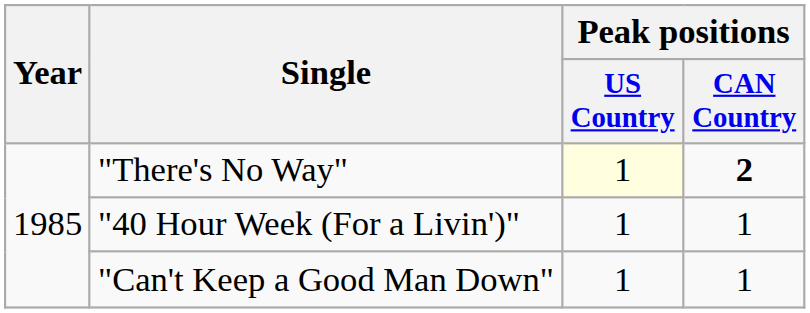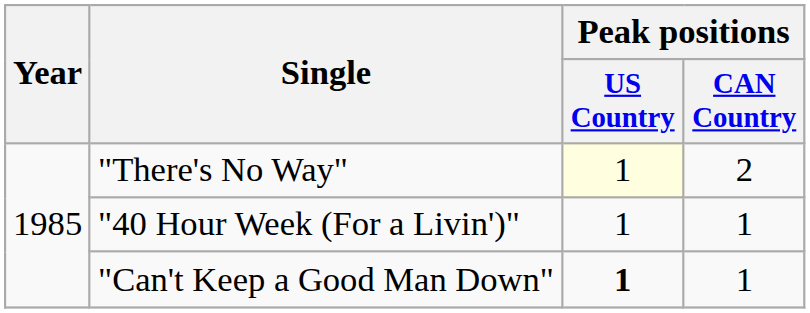 <table class="wikitable" style="text-align:center;">
 <tr>
 <th rowspan="2">Year</th>
 <th rowspan="2">Single</th>
 <th colspan="2">Peak positions</th>
 </tr>
 <tr style="font-size:smaller;">
 <th width="50"><a href='#'>US Country</a></th>
 <th width="50"><a href='#'>CAN Country</a></th>
 </tr>
 <tr>
 <td rowspan="3">1985</td>
 <td align="left">"There's No Way"</td>
 <td style="background: lightyellow;">1</td>
-<td><strong>2</strong></td>
+<td>2</td>
 </tr>
 <tr>
 <td align="left">"40 Hour Week (For a Livin')"</td>
 <td>1</td>
 <td>1</td>
 </tr>
 <tr>
 <td align="left">"Can't Keep a Good Man Down"</td>
-<td>1</td>
+<td><strong>1</strong></td>
 <td>1</td>
 </tr>
 </table>
